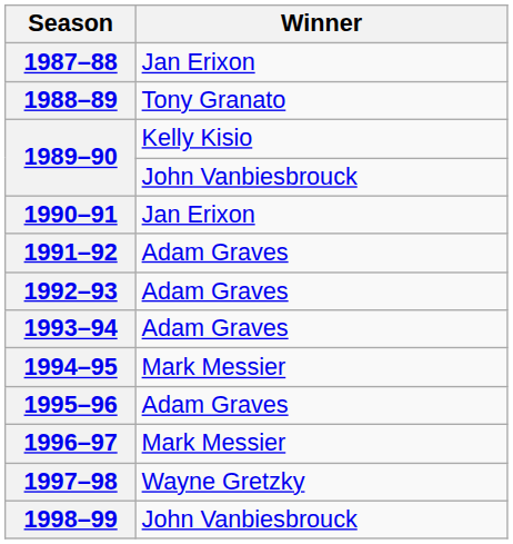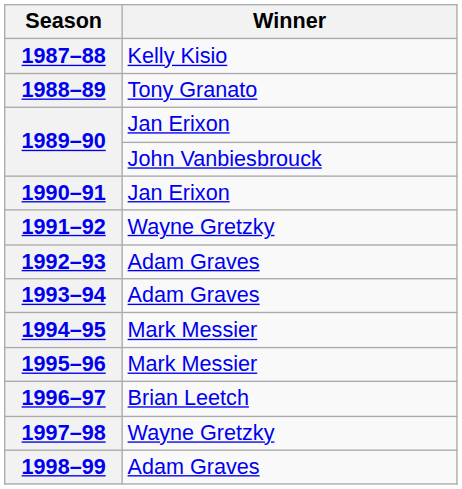 <table class="wikitable">
 <tr>
 <th scope="col" style="width:5em">Season</th>
 <th scope="col" style="width:15em">Winner</th>
 </tr>
 <tr>
 <th scope="row"><a href='#'>1987–88</a></th>
-<td><a href='#'>Jan Erixon</a></td>
+<td><a href='#'>Kelly Kisio</a></td>
 </tr>
 <tr>
 <th scope="row"><a href='#'>1988–89</a></th>
 <td><a href='#'>Tony Granato</a></td>
 </tr>
 <tr>
 <th scope="row" rowspan="2"><a href='#'>1989–90</a></th>
-<td><a href='#'>Kelly Kisio</a></td>
+<td><a href='#'>Jan Erixon</a></td>
 </tr>
 <tr>
 <td><a href='#'>John Vanbiesbrouck</a></td>
 </tr>
 <tr>
 <th scope="row"><a href='#'>1990–91</a></th>
 <td><a href='#'>Jan Erixon</a></td>
 </tr>
 <tr>
 <th scope="row"><a href='#'>1991–92</a></th>
-<td><a href='#'>Adam Graves</a></td>
+<td><a href='#'>Wayne Gretzky</a></td>
 </tr>
 <tr>
 <th scope="row"><a href='#'>1992–93</a></th>
 <td><a href='#'>Adam Graves</a></td>
 </tr>
 <tr>
 <th scope="row"><a href='#'>1993–94</a></th>
 <td><a href='#'>Adam Graves</a></td>
 </tr>
 <tr>
 <th scope="row"><a href='#'>1994–95</a></th>
 <td><a href='#'>Mark Messier</a></td>
 </tr>
 <tr>
 <th scope="row"><a href='#'>1995–96</a></th>
-<td><a href='#'>Adam Graves</a></td>
+<td><a href='#'>Mark Messier</a></td>
 </tr>
 <tr>
 <th scope="row"><a href='#'>1996–97</a></th>
-<td><a href='#'>Mark Messier</a></td>
+<td><a href='#'>Brian Leetch</a></td>
 </tr>
 <tr>
 <th scope="row"><a href='#'>1997–98</a></th>
 <td><a href='#'>Wayne Gretzky</a></td>
 </tr>
 <tr>
 <th scope="row"><a href='#'>1998–99</a></th>
-<td><a href='#'>John Vanbiesbrouck</a></td>
+<td><a href='#'>Adam Graves</a></td>
 </tr>
 </table>
